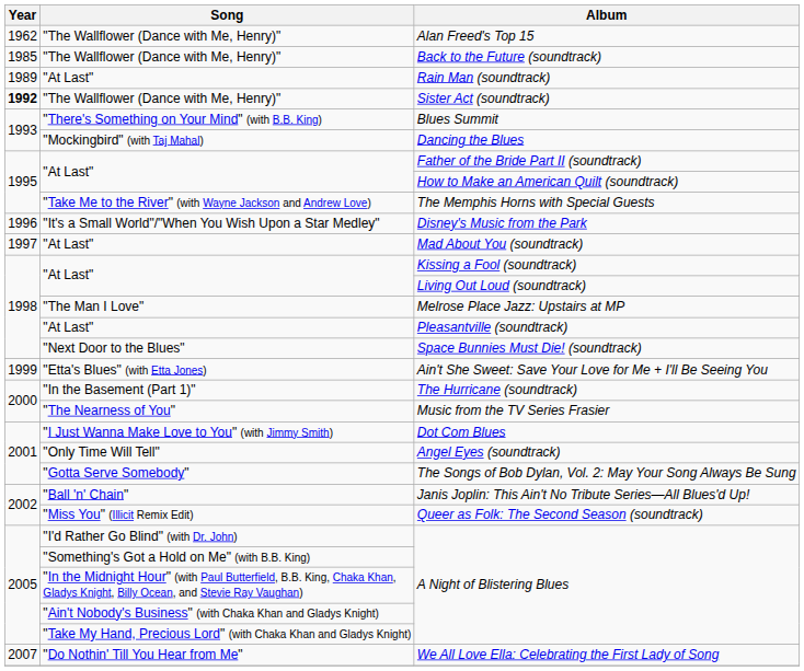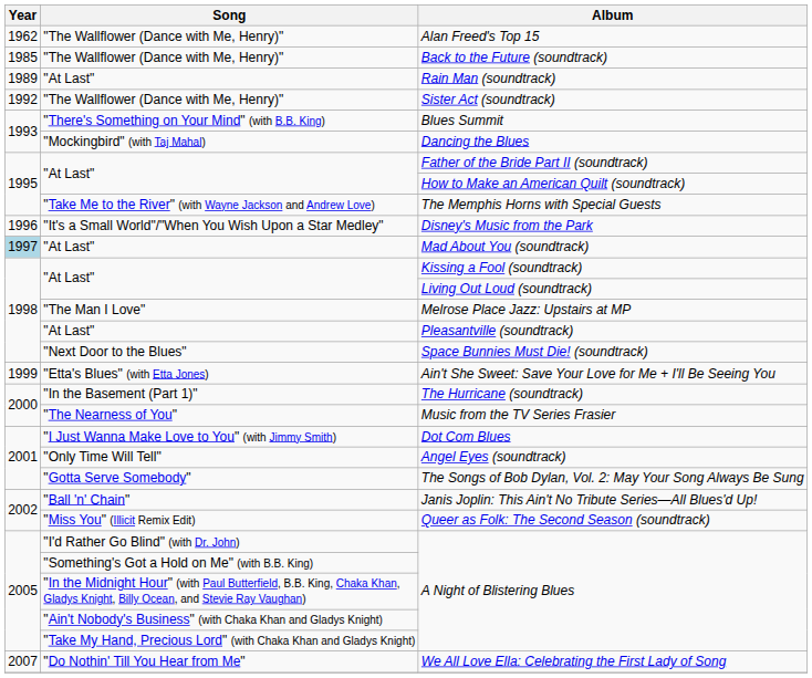 <table class="wikitable">
 <tr>
 <th>Year</th>
 <th>Song</th>
 <th>Album</th>
 </tr>
 <tr>
 <td>1962</td>
 <td>"The Wallflower (Dance with Me, Henry)"</td>
 <td><em>Alan Freed's Top 15</em></td>
 </tr>
 <tr>
 <td>1985</td>
 <td>"The Wallflower (Dance with Me, Henry)"</td>
 <td><em><a href='#'>Back to the Future</a> (soundtrack)</em></td>
 </tr>
 <tr>
 <td>1989</td>
 <td>"At Last"</td>
 <td><em><a href='#'>Rain Man</a> (soundtrack)</em></td>
 </tr>
 <tr>
-<td><strong>1992</strong></td>
+<td>1992</td>
 <td>"The Wallflower (Dance with Me, Henry)"</td>
 <td><em><a href='#'>Sister Act</a> (soundtrack)</em></td>
 </tr>
 <tr>
 <td rowspan="2">1993</td>
 <td>"<a href='#'>There's Something on Your Mind</a>" <small>(with <a href='#'>B.B. King</a>)</small></td>
 <td><em>Blues Summit</em></td>
 </tr>
 <tr>
 <td>"Mockingbird" <small>(with <a href='#'>Taj Mahal</a>)</small></td>
 <td><em><a href='#'>Dancing the Blues</a></em></td>
 </tr>
 <tr>
 <td rowspan="3">1995</td>
 <td rowspan="2">"At Last"</td>
 <td><em><a href='#'>Father of the Bride Part II</a> (soundtrack)</em></td>
 </tr>
 <tr>
 <td><em><a href='#'>How to Make an American Quilt</a> (soundtrack)</em></td>
 </tr>
 <tr>
 <td>"<a href='#'>Take Me to the River</a>" <small>(with <a href='#'>Wayne Jackson</a> and <a href='#'>Andrew Love</a>)</small></td>
 <td><em>The Memphis Horns with Special Guests</em></td>
 </tr>
 <tr>
 <td>1996</td>
 <td>"It's a Small World"/"When You Wish Upon a Star Medley"</td>
 <td><em><a href='#'>Disney's Music from the Park</a></em></td>
 </tr>
 <tr>
-<td>1997</td>
+<td style="background: lightblue;">1997</td>
 <td>"At Last"</td>
 <td><em><a href='#'>Mad About You</a> (soundtrack)</em></td>
 </tr>
 <tr>
 <td rowspan="5">1998</td>
 <td rowspan="2">"At Last"</td>
 <td><em><a href='#'>Kissing a Fool</a> (soundtrack)</em></td>
 </tr>
 <tr>
 <td><em><a href='#'>Living Out Loud</a> (soundtrack)</em></td>
 </tr>
 <tr>
 <td>"The Man I Love"</td>
 <td><em>Melrose Place Jazz: Upstairs at MP</em></td>
 </tr>
 <tr>
 <td>"At Last"</td>
 <td><em><a href='#'>Pleasantville</a> (soundtrack)</em></td>
 </tr>
 <tr>
 <td>"Next Door to the Blues"</td>
 <td><em><a href='#'>Space Bunnies Must Die!</a> (soundtrack)</em></td>
 </tr>
 <tr>
 <td>1999</td>
 <td>"Etta's Blues" <small>(with <a href='#'>Etta Jones</a>)</small></td>
 <td><em>Ain't She Sweet: Save Your Love for Me + I'll Be Seeing You</em></td>
 </tr>
 <tr>
 <td rowspan="2">2000</td>
 <td>"In the Basement (Part 1)"</td>
 <td><em><a href='#'>The Hurricane</a> (soundtrack)</em></td>
 </tr>
 <tr>
 <td>"<a href='#'>The Nearness of You</a>"</td>
 <td><em>Music from the TV Series Frasier</em></td>
 </tr>
 <tr>
 <td rowspan="3">2001</td>
 <td>"<a href='#'>I Just Wanna Make Love to You</a>" <small>(with <a href='#'>Jimmy Smith</a>)</small></td>
 <td><em><a href='#'>Dot Com Blues</a></em></td>
 </tr>
 <tr>
 <td>"Only Time Will Tell"</td>
 <td><em><a href='#'>Angel Eyes</a> (soundtrack)</em></td>
 </tr>
 <tr>
 <td>"<a href='#'>Gotta Serve Somebody</a>"</td>
 <td><em>The Songs of Bob Dylan, Vol. 2: May Your Song Always Be Sung</em></td>
 </tr>
 <tr>
 <td rowspan="2">2002</td>
 <td>"<a href='#'>Ball 'n' Chain</a>"</td>
 <td><em>Janis Joplin: This Ain't No Tribute Series—All Blues'd Up!</em></td>
 </tr>
 <tr>
 <td>"<a href='#'>Miss You</a>" <small>(<a href='#'>Illicit</a> Remix Edit)</small></td>
 <td><em><a href='#'>Queer as Folk: The Second Season</a> (soundtrack)</em></td>
 </tr>
 <tr>
 <td rowspan="5">2005</td>
 <td>"I'd Rather Go Blind" <small>(with <a href='#'>Dr. John</a>)</small></td>
 <td rowspan="5"><em>A Night of Blistering Blues</em></td>
 </tr>
 <tr>
 <td>"Something's Got a Hold on Me" <small>(with B.B. King)</small></td>
 </tr>
 <tr>
 <td>"<a href='#'>In the Midnight Hour</a>" <small>(with <a href='#'>Paul Butterfield</a>, B.B. King, <a href='#'>Chaka Khan</a>, <br> <a href='#'>Gladys Knight</a>, <a href='#'>Billy Ocean</a>, and <a href='#'>Stevie Ray Vaughan</a>)</small></td>
 </tr>
 <tr>
 <td>"<a href='#'>Ain't Nobody's Business</a>" <small>(with Chaka Khan and Gladys Knight)</small></td>
 </tr>
 <tr>
 <td>"<a href='#'>Take My Hand, Precious Lord</a>" <small>(with Chaka Khan and Gladys Knight)</small></td>
 </tr>
 <tr>
 <td>2007</td>
 <td>"<a href='#'>Do Nothin' Till You Hear from Me</a>"</td>
 <td><em><a href='#'>We All Love Ella: Celebrating the First Lady of Song</a></em></td>
 </tr>
 <tr>
 </tr>
 </table>
